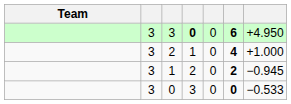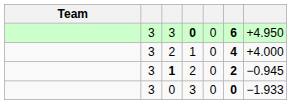 <table class="wikitable" style="text-align:center;">
 <tr>
 <th width=175>Team</th>
 <th style="width:20px;"></th>
 <th style="width:20px;"></th>
 <th style="width:20px;"></th>
 <th style="width:20px;"></th>
 <th style="width:20px;"></th>
 <th style="width:20px;"></th>
 </tr>
 <tr style="background:#cfc">
 <td align=left></td>
 <td>3</td>
 <td>3</td>
 <td><strong>0</strong></td>
 <td>0</td>
 <td><strong>6</strong></td>
 <td>+4.950</td>
 </tr>
 <tr>
 <td align=left></td>
 <td>3</td>
 <td>2</td>
 <td>1</td>
 <td>0</td>
 <td><strong>4</strong></td>
-<td>+1.000</td>
+<td>+4.000</td>
 </tr>
 <tr>
 <td align=left></td>
 <td>3</td>
-<td>1</td>
+<td><strong>1</strong></td>
 <td>2</td>
 <td>0</td>
 <td><strong>2</strong></td>
 <td>−0.945</td>
 </tr>
 <tr>
 <td align=left></td>
 <td>3</td>
 <td>0</td>
 <td>3</td>
 <td>0</td>
 <td><strong>0</strong></td>
-<td>−0.533</td>
+<td>−1.933</td>
 </tr>
 </table>
